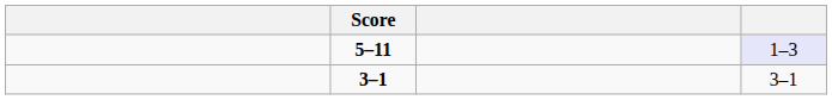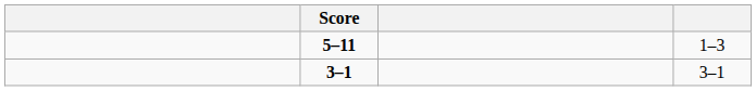 <table class="wikitable" style="text-align: center; ">
 <tr>
 <th align="right" width="270"></th>
 <th width="65">Score</th>
 <th align="left" width="270"></th>
 <th width="65"></th>
 </tr>
 <tr>
 <td align="left"></td>
 <td><strong>5–11</strong></td>
 <td align="left"><strong></strong></td>
-<td style="background: lavender;">1–3 <strong></strong></td>
+<td>1–3 <strong></strong></td>
 </tr>
 <tr>
 <td align="left"><strong></strong></td>
 <td><strong>3–1</strong></td>
 <td align="left"></td>
 <td>3–1 <strong></strong></td>
 </tr>
 </table>
